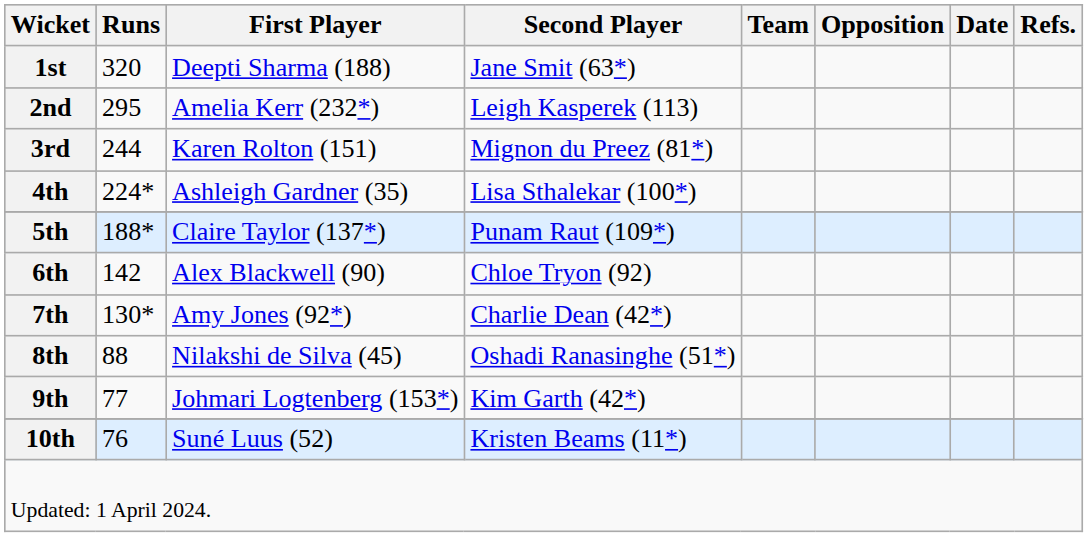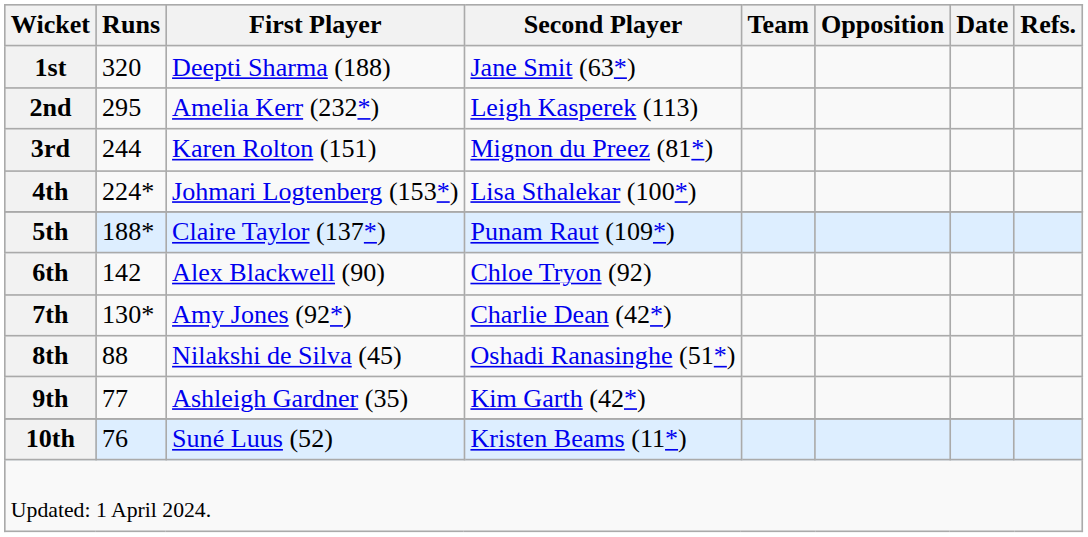 <table class="wikitable defaultleft col2center">
 <tr>
 <th scope=col>Wicket</th>
 <th scope=col>Runs</th>
 <th scope=col>First Player</th>
 <th scope=col>Second Player</th>
 <th scope=col>Team</th>
 <th scope=col>Opposition</th>
 <th scope=col>Date</th>
 <th scope=col>Refs.</th>
 </tr>
 <tr>
 <th scope=row>1st</th>
 <td>320</td>
 <td><a href='#'>Deepti Sharma</a> (188)</td>
 <td><a href='#'>Jane Smit</a> (63<a href='#'>*</a>)</td>
 <td></td>
 <td></td>
 <td><a href='#'></a></td>
 <td></td>
 </tr>
 <tr>
 <th scope=row>2nd</th>
 <td>295</td>
 <td><a href='#'>Amelia Kerr</a> (232<a href='#'>*</a>)</td>
 <td><a href='#'>Leigh Kasperek</a> (113)</td>
 <td></td>
 <td></td>
 <td><a href='#'></a></td>
 <td></td>
 </tr>
 <tr>
 <th scope=row>3rd</th>
 <td>244</td>
 <td><a href='#'>Karen Rolton</a> (151)</td>
 <td><a href='#'>Mignon du Preez</a> (81<a href='#'>*</a>)</td>
 <td></td>
 <td></td>
 <td><a href='#'></a></td>
 <td></td>
 </tr>
 <tr>
 <th scope=row>4th</th>
 <td>224*</td>
-<td><a href='#'>Ashleigh Gardner</a> (35)</td>
+<td><a href='#'>Johmari Logtenberg</a> (153<a href='#'>*</a>)</td>
 <td><a href='#'>Lisa Sthalekar</a> (100<a href='#'>*</a>)</td>
 <td></td>
 <td></td>
 <td><a href='#'></a></td>
 <td></td>
 </tr>
 <tr>
 </tr>
 <tr style="background-color:#def;">
 <th scope=row>5th</th>
 <td>188*</td>
 <td><a href='#'>Claire Taylor</a> (137<a href='#'>*</a>)</td>
 <td><a href='#'>Punam Raut</a> (109<a href='#'>*</a>)</td>
 <td></td>
 <td></td>
 <td><a href='#'></a></td>
 <td></td>
 </tr>
 <tr>
 <th scope=row>6th</th>
 <td>142</td>
 <td><a href='#'>Alex Blackwell</a> (90)</td>
 <td><a href='#'>Chloe Tryon</a> (92)</td>
 <td></td>
 <td></td>
 <td><a href='#'></a></td>
 <td></td>
 </tr>
 <tr>
 <th scope=row>7th</th>
 <td>130*</td>
 <td><a href='#'>Amy Jones</a> (92<a href='#'>*</a>)</td>
 <td><a href='#'>Charlie Dean</a> (42<a href='#'>*</a>)</td>
 <td></td>
 <td></td>
 <td><a href='#'></a></td>
 <td></td>
 </tr>
 <tr>
 <th scope=row>8th</th>
 <td>88</td>
 <td><a href='#'>Nilakshi de Silva</a> (45)</td>
 <td><a href='#'>Oshadi Ranasinghe</a> (51<a href='#'>*</a>)</td>
 <td></td>
 <td></td>
 <td><a href='#'></a></td>
 <td></td>
 </tr>
 <tr>
 <th scope=row>9th</th>
 <td>77</td>
-<td><a href='#'>Johmari Logtenberg</a> (153<a href='#'>*</a>)</td>
+<td><a href='#'>Ashleigh Gardner</a> (35)</td>
 <td><a href='#'>Kim Garth</a> (42<a href='#'>*</a>)</td>
 <td></td>
 <td></td>
 <td><a href='#'></a></td>
 <td></td>
 </tr>
 <tr>
 </tr>
 <tr style="background-color:#def;">
 <th scope=row>10th</th>
 <td>76</td>
 <td><a href='#'>Suné Luus</a> (52)</td>
 <td><a href='#'>Kristen Beams</a> (11<a href='#'>*</a>)</td>
 <td></td>
 <td></td>
 <td><a href='#'></a></td>
 <td></td>
 </tr>
 <tr>
 <td scope="row" colspan=8><br><small>Updated: 1 April 2024.</small></td>
 </tr>
 </table>
